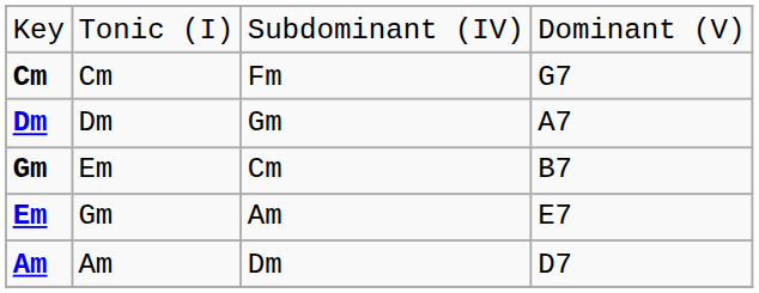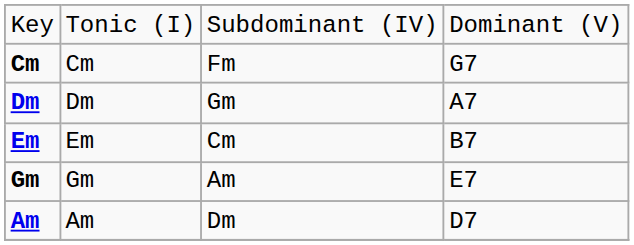 <table class="wikitable">
 <tr>
 <td>Key</td>
 <td>Tonic (I)</td>
 <td>Subdominant (IV)</td>
 <td>Dominant (V)</td>
 </tr>
 <tr>
 <td><strong>Cm</strong></td>
 <td>Cm</td>
 <td>Fm</td>
 <td>G7</td>
 </tr>
 <tr>
 <td><strong><a href='#'>Dm</a></strong></td>
 <td>Dm</td>
 <td>Gm</td>
 <td>A7</td>
 </tr>
 <tr>
-<td><strong>Gm</strong></td>
+<td><strong><a href='#'>Em</a></strong></td>
 <td>Em</td>
 <td>Cm</td>
 <td>B7</td>
 </tr>
 <tr>
-<td><strong><a href='#'>Em</a></strong></td>
+<td><strong>Gm</strong></td>
 <td>Gm</td>
 <td>Am</td>
 <td>E7</td>
 </tr>
 <tr>
 <td><strong><a href='#'>Am</a></strong></td>
 <td>Am</td>
 <td>Dm</td>
 <td>D7</td>
 </tr>
 <tr>
 </tr>
 </table>
